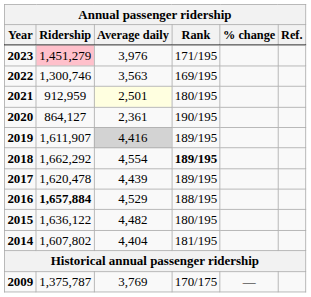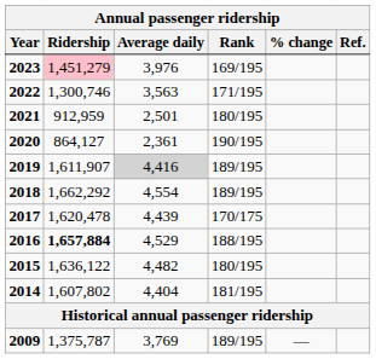 <table class="wikitable sortable" style="text-align:right;">
 <tr>
 <th colspan="6" style="background-color:#">Annual passenger ridership</th>
 </tr>
 <tr style="font-size:95%; text-align:center">
 <th style="border-bottom:1px solid black">Year</th>
 <th style="border-bottom:1px solid black">Ridership</th>
 <th style="border-bottom:1px solid black">Average daily</th>
 <th style="border-bottom:1px solid black">Rank</th>
 <th style="border-bottom:1px solid black">% change</th>
 <th style="border-bottom:1px solid black">Ref.</th>
 </tr>
 <tr style="text-align:center;">
 <td><strong>2023</strong></td>
 <td style="background: pink;">1,451,279</td>
 <td>3,976</td>
-<td>171/195</td>
+<td>169/195</td>
 <td></td>
 <td></td>
 </tr>
 <tr style="text-align:center;">
 <td><strong>2022</strong></td>
 <td>1,300,746</td>
 <td>3,563</td>
-<td>169/195</td>
+<td>171/195</td>
 <td></td>
 <td></td>
 </tr>
 <tr style="text-align:center;">
 <td><strong>2021</strong></td>
 <td>912,959</td>
-<td style="background: lightyellow;">2,501</td>
+<td>2,501</td>
 <td>180/195</td>
 <td></td>
 <td></td>
 </tr>
 <tr style="text-align:center;">
 <td><strong>2020</strong></td>
 <td>864,127</td>
 <td>2,361</td>
 <td>190/195</td>
 <td></td>
 <td></td>
 </tr>
 <tr style="text-align:center;">
 <td><strong>2019</strong></td>
 <td>1,611,907</td>
 <td style="background: lightgrey;">4,416</td>
 <td>189/195</td>
 <td></td>
 <td></td>
 </tr>
 <tr style="text-align:center;">
 <td><strong>2018</strong></td>
 <td>1,662,292</td>
 <td>4,554</td>
-<td><strong>189/195</strong></td>
+<td>189/195</td>
 <td></td>
 <td></td>
 </tr>
 <tr style="text-align:center;">
 <td><strong>2017</strong></td>
 <td>1,620,478</td>
 <td>4,439</td>
-<td>189/195</td>
+<td>170/175</td>
 <td></td>
 <td></td>
 </tr>
 <tr style="text-align:center;">
 <td><strong>2016</strong></td>
 <td><strong>1,657,884</strong></td>
 <td>4,529</td>
 <td>188/195</td>
 <td></td>
 <td></td>
 </tr>
 <tr style="text-align:center;">
 <td><strong>2015</strong></td>
 <td>1,636,122</td>
 <td>4,482</td>
 <td>180/195</td>
 <td></td>
 <td></td>
 </tr>
 <tr style="text-align:center;">
 <td><strong>2014</strong></td>
 <td>1,607,802</td>
 <td>4,404</td>
 <td>181/195</td>
 <td></td>
 <td></td>
 </tr>
 <tr>
 <th colspan="6" style="background-color:#">Historical annual passenger ridership</th>
 </tr>
 <tr style="text-align:center;">
 <td><strong>2009</strong></td>
 <td>1,375,787</td>
 <td>3,769</td>
-<td>170/175</td>
+<td>189/195</td>
 <td>—</td>
 <td></td>
 </tr>
 </table>
